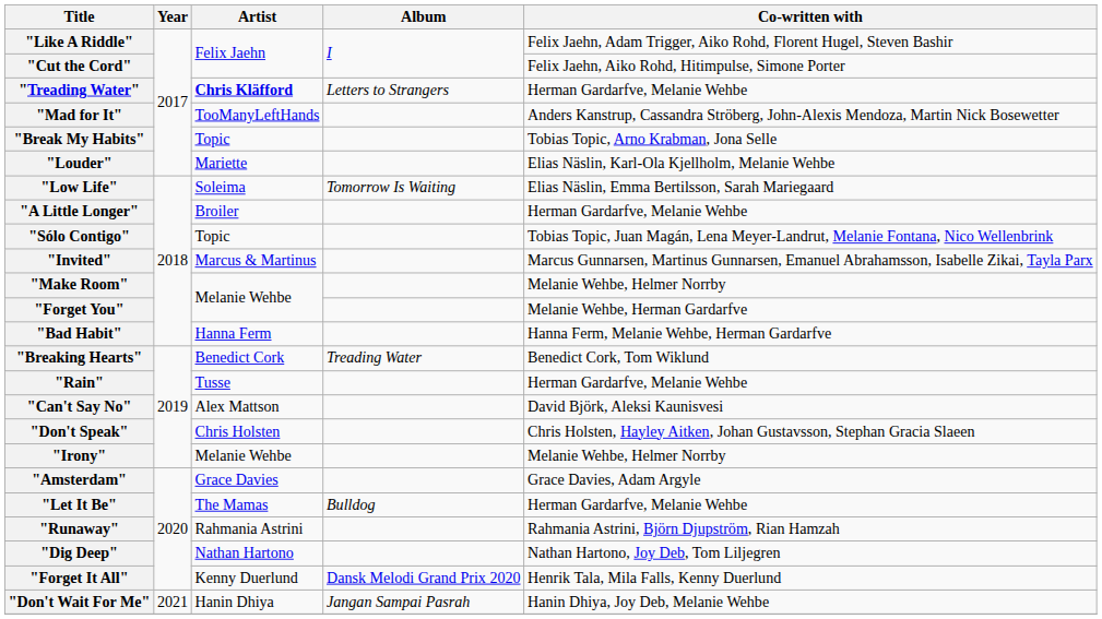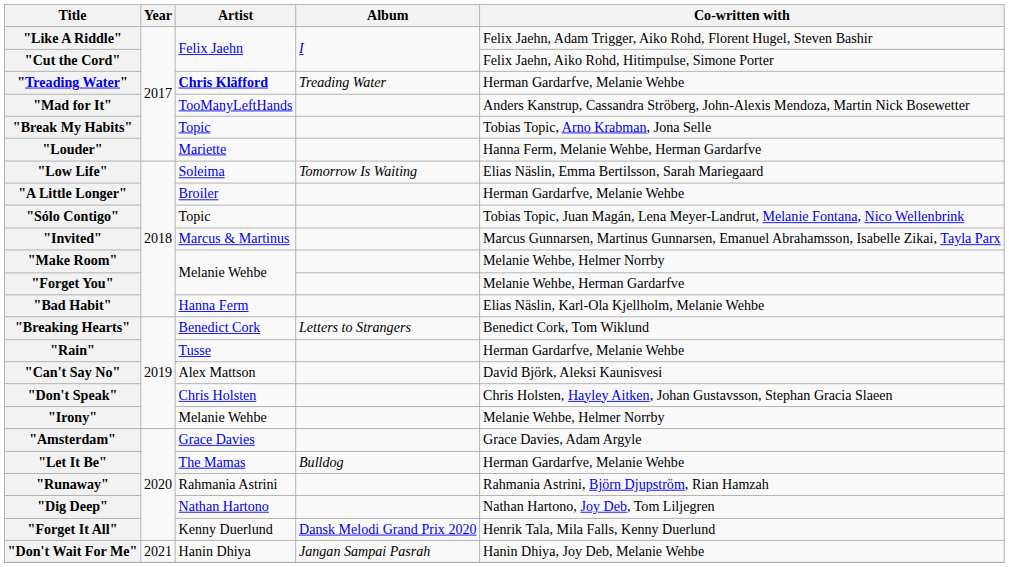 <table class="wikitable plainrowheaders">
 <tr>
 <th scope="col">Title</th>
 <th scope="col">Year</th>
 <th scope="col">Artist</th>
 <th scope="col">Album</th>
 <th scope="col">Co-written with</th>
 </tr>
 <tr>
 <th scope="row">"Like A Riddle"<br></th>
 <td rowspan="6">2017</td>
 <td rowspan="2"><a href='#'>Felix Jaehn</a></td>
 <td rowspan="2"><em><a href='#'>I</a></em></td>
 <td>Felix Jaehn, Adam Trigger, Aiko Rohd, Florent Hugel, Steven Bashir</td>
 </tr>
 <tr>
 <th scope="row">"Cut the Cord"<br></th>
 <td>Felix Jaehn, Aiko Rohd, Hitimpulse, Simone Porter</td>
 </tr>
 <tr>
 <th scope="row">"<a href='#'>Treading Water</a>"</th>
 <td><strong><a href='#'>Chris Kläfford</a></strong></td>
-<td><em>Letters to Strangers</em></td>
+<td><em>Treading Water</em></td>
 <td>Herman Gardarfve, Melanie Wehbe</td>
 </tr>
 <tr>
 <th scope="row">"Mad for It"<br></th>
 <td><a href='#'>TooManyLeftHands</a></td>
 <td></td>
 <td>Anders Kanstrup, Cassandra Ströberg, John-Alexis Mendoza, Martin Nick Bosewetter</td>
 </tr>
 <tr>
 <th scope="row">"Break My Habits"</th>
 <td><a href='#'>Topic</a></td>
 <td></td>
 <td>Tobias Topic, <a href='#'>Arno Krabman</a>, Jona Selle</td>
 </tr>
 <tr>
 <th scope="row">"Louder"</th>
 <td><a href='#'>Mariette</a></td>
 <td></td>
-<td>Elias Näslin, Karl-Ola Kjellholm, Melanie Wehbe</td>
+<td>Hanna Ferm, Melanie Wehbe, Herman Gardarfve</td>
 </tr>
 <tr>
 <th scope="row">"Low Life"</th>
 <td rowspan="7">2018</td>
 <td><a href='#'>Soleima</a></td>
 <td><em>Tomorrow Is Waiting</em></td>
 <td>Elias Näslin, Emma Bertilsson, Sarah Mariegaard</td>
 </tr>
 <tr>
 <th scope="row">"A Little Longer"</th>
 <td><a href='#'>Broiler</a></td>
 <td></td>
 <td>Herman Gardarfve, Melanie Wehbe</td>
 </tr>
 <tr>
 <th scope="row">"Sólo Contigo"<br></th>
 <td>Topic</td>
 <td></td>
 <td>Tobias Topic, Juan Magán, Lena Meyer-Landrut, <a href='#'>Melanie Fontana</a>, <a href='#'>Nico Wellenbrink</a></td>
 </tr>
 <tr>
 <th scope="row">"Invited"</th>
 <td><a href='#'>Marcus & Martinus</a></td>
 <td></td>
 <td>Marcus Gunnarsen, Martinus Gunnarsen, Emanuel Abrahamsson, Isabelle Zikai, <a href='#'>Tayla Parx</a></td>
 </tr>
 <tr>
 <th scope="row">"Make Room"</th>
 <td rowspan="2">Melanie Wehbe</td>
 <td></td>
 <td>Melanie Wehbe, Helmer Norrby</td>
 </tr>
 <tr>
 <th scope="row">"Forget You"</th>
 <td></td>
 <td>Melanie Wehbe, Herman Gardarfve</td>
 </tr>
 <tr>
 <th scope="row">"Bad Habit"</th>
 <td><a href='#'>Hanna Ferm</a></td>
 <td></td>
-<td>Hanna Ferm, Melanie Wehbe, Herman Gardarfve</td>
+<td>Elias Näslin, Karl-Ola Kjellholm, Melanie Wehbe</td>
 </tr>
 <tr>
 <th scope="row">"Breaking Hearts"</th>
 <td rowspan="5">2019</td>
 <td><a href='#'>Benedict Cork</a></td>
-<td><em>Treading Water</em></td>
+<td><em>Letters to Strangers</em></td>
 <td>Benedict Cork, Tom Wiklund</td>
 </tr>
 <tr>
 <th scope="row">"Rain"</th>
 <td><a href='#'>Tusse</a></td>
 <td></td>
 <td>Herman Gardarfve, Melanie Wehbe</td>
 </tr>
 <tr>
 <th scope="row">"Can't Say No"<br></th>
 <td>Alex Mattson</td>
 <td></td>
 <td>David Björk, Aleksi Kaunisvesi</td>
 </tr>
 <tr>
 <th scope="row">"Don't Speak"</th>
 <td><a href='#'>Chris Holsten</a></td>
 <td></td>
 <td>Chris Holsten, <a href='#'>Hayley Aitken</a>, Johan Gustavsson, Stephan Gracia Slaeen</td>
 </tr>
 <tr>
 <th scope="row">"Irony"</th>
 <td>Melanie Wehbe</td>
 <td></td>
 <td>Melanie Wehbe, Helmer Norrby</td>
 </tr>
 <tr>
 <th scope="row">"Amsterdam"</th>
 <td rowspan="5">2020</td>
 <td><a href='#'>Grace Davies</a></td>
 <td></td>
 <td>Grace Davies, Adam Argyle</td>
 </tr>
 <tr>
 <th scope="row">"Let It Be"</th>
 <td><a href='#'>The Mamas</a></td>
 <td><em>Bulldog</em></td>
 <td>Herman Gardarfve, Melanie Wehbe</td>
 </tr>
 <tr>
 <th scope="row">"Runaway"</th>
 <td>Rahmania Astrini</td>
 <td></td>
 <td>Rahmania Astrini, <a href='#'>Björn Djupström</a>, Rian Hamzah</td>
 </tr>
 <tr>
 <th scope="row">"Dig Deep"</th>
 <td><a href='#'>Nathan Hartono</a></td>
 <td></td>
 <td>Nathan Hartono, <a href='#'>Joy Deb</a>, Tom Liljegren</td>
 </tr>
 <tr>
 <th scope="row">"Forget It All"</th>
 <td>Kenny Duerlund</td>
 <td><a href='#'>Dansk Melodi Grand Prix 2020</a></td>
 <td>Henrik Tala, Mila Falls, Kenny Duerlund</td>
 </tr>
 <tr>
 <th scope="row">"Don't Wait For Me"</th>
 <td>2021</td>
 <td>Hanin Dhiya</td>
 <td><em>Jangan Sampai Pasrah</em></td>
 <td>Hanin Dhiya, Joy Deb, Melanie Wehbe</td>
 </tr>
 <tr>
 </tr>
 </table>
